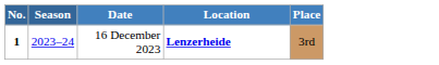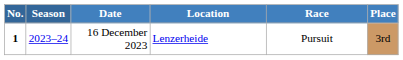 <table class="wikitable sortable" style="font-size:95%; text-align:center; border:grey solid 1px; border-collapse:collapse; background:#ffffff;">
 <tr style="background:#efefef;">
 <th style="background-color:#369; color:white;">No.</th>
 <th style="background-color:#369; color:white;">Season</th>
 <th style="background-color:#4180be; color:white; width:100px;">Date</th>
 <th style="background-color:#4180be; color:white; width:150px;">Location</th>
+<th style="background-color:#4180be; color:white; width:130px;">Race</th>
 <th style="background-color:#4180be; color:white;">Place</th>
 </tr>
 <tr>
 <td align=center><strong>1</strong></td>
 <td rowspan="1" align="center"><a href='#'>2023–24</a></td>
 <td align=right>16 December 2023</td>
-<td align=left><strong> <a href='#'>Lenzerheide</a></strong></td>
+<td align=left> <a href='#'>Lenzerheide</a></td>
+<td>Pursuit</td>
 <td bgcolor="cc9966">3rd</td>
 </tr>
 </table>
